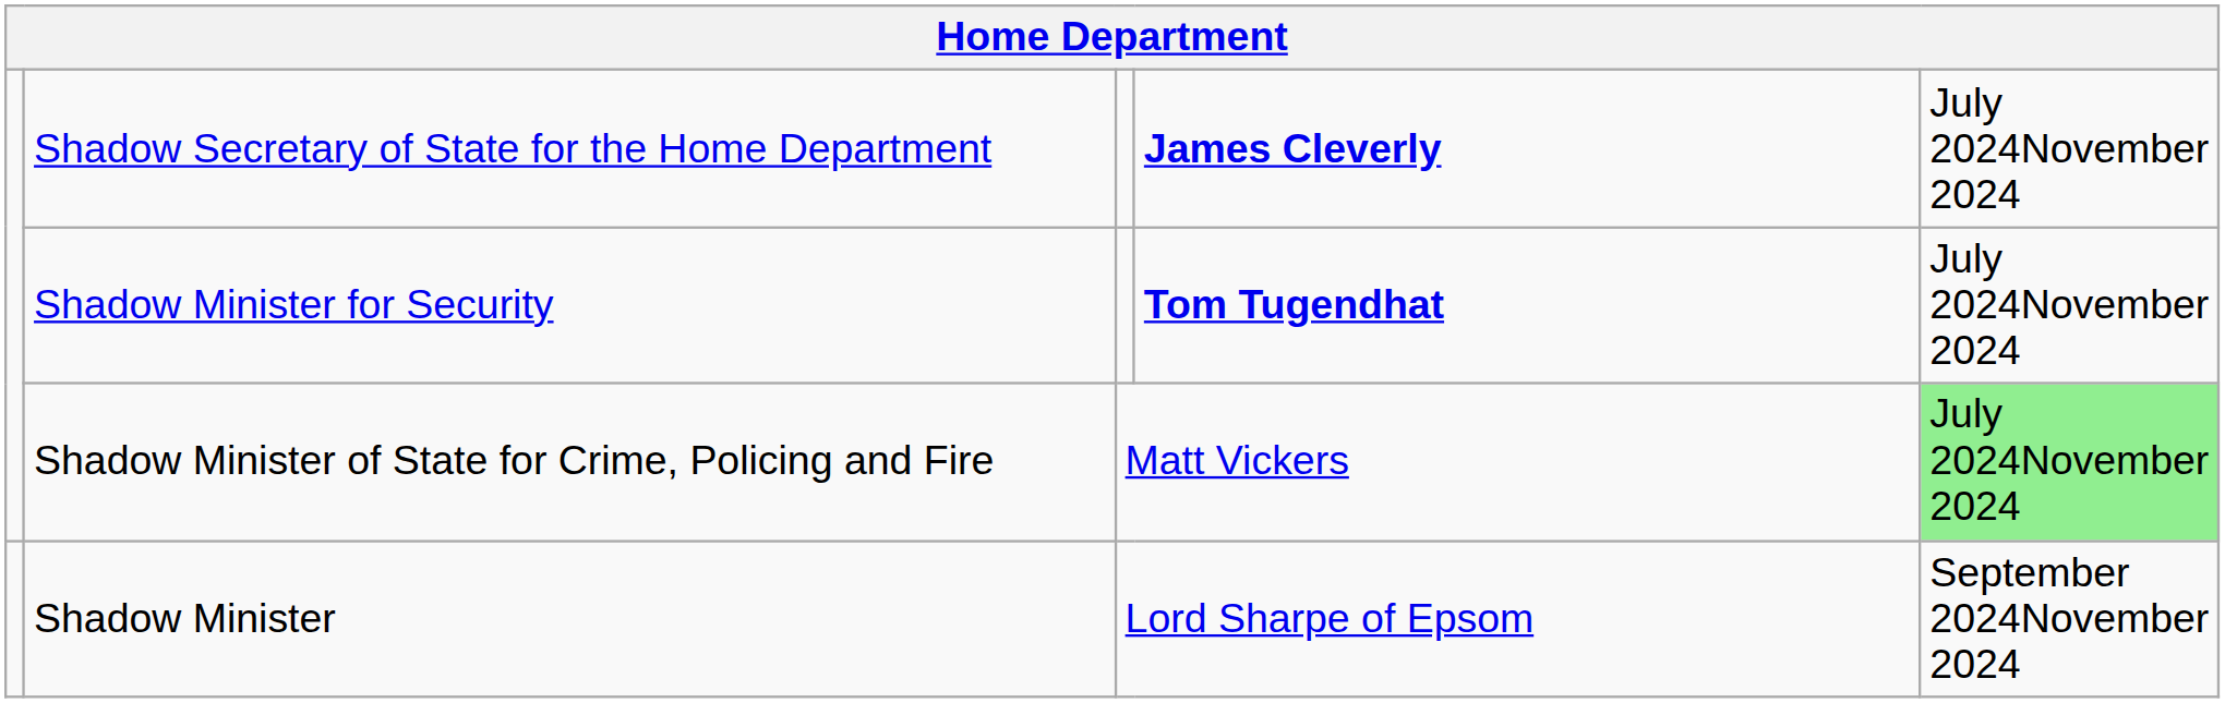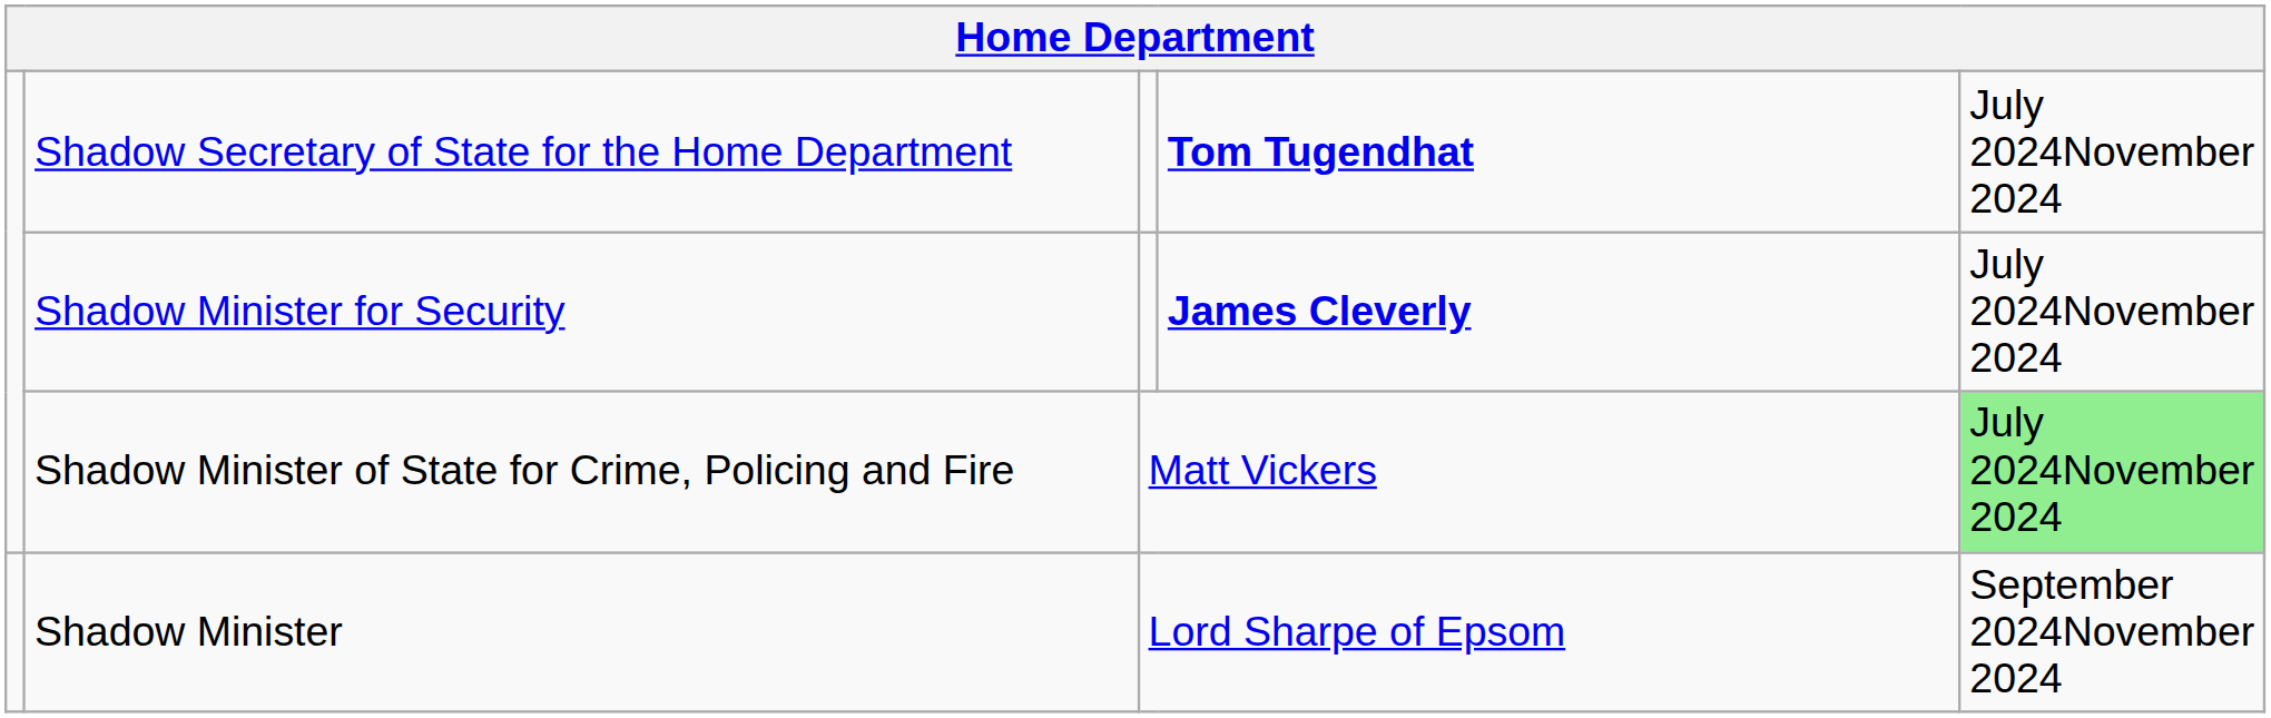 <table class="wikitable">
 <tr>
 <th colspan="5"><a href='#'>Home Department</a></th>
 </tr>
 <tr>
 <td rowspan="3" style="background: "></td>
 <td style="width: 450px;"><a href='#'>Shadow Secretary of State for the Home Department</a></td>
 <td style="background: "></td>
-<td style="width: 320px;"><strong><a href='#'>James Cleverly</a></strong></td>
+<td><strong><a href='#'>Tom Tugendhat</a></strong></td>
 <td>July 2024November 2024</td>
 </tr>
 <tr>
 <td><a href='#'>Shadow Minister for Security</a></td>
 <td style="background: "></td>
-<td><strong><a href='#'>Tom Tugendhat</a></strong></td>
+<td style="width: 320px;"><strong><a href='#'>James Cleverly</a></strong></td>
 <td>July 2024November 2024</td>
 </tr>
 <tr>
 <td>Shadow Minister of State for Crime, Policing and Fire</td>
 <td colspan="2"><a href='#'>Matt Vickers</a></td>
 <td style="background: lightgreen;">July 2024November 2024</td>
 </tr>
 <tr>
 <td style="background: "></td>
 <td>Shadow Minister</td>
 <td colspan="2"><a href='#'>Lord Sharpe of Epsom</a></td>
 <td>September 2024November 2024</td>
 </tr>
 </table>
